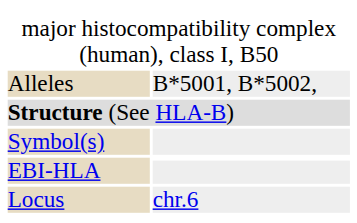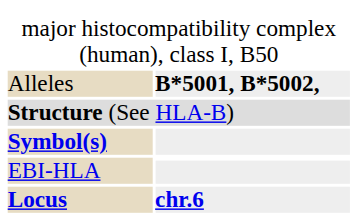 <table id="drugInfoBox" style="float: right; clear: right; margin: 0 0 0.5em 1em; background: #ffffff;" class="toccolours" border=0 cellpadding=0 align=right width="240px">
 <tr>
 <td align="center" colspan="3"></td>
 </tr>
 <tr style="text-align: center; line-height: 1.00;background:#eeeeee">
 <td colspan="3" color="white"></td>
 </tr>
 <tr>
 <td align="center" colspan="2"></td>
 </tr>
 <tr>
 <td align="center" colspan="2"><div>major histocompatibility complex (human), class I, B50</div></td>
 </tr>
 <tr>
 <td bgcolor="#e7dcc3">Alleles</td>
-<td bgcolor="#eeeeee">B*5001, B*5002, <br></td>
+<td bgcolor="#eeeeee"><strong>B*5001, B*5002, <br></strong></td>
 </tr>
 <tr>
 <td colspan="2" bgcolor="#dddddd"><strong>Structure</strong> (See <a href='#'>HLA-B</a>)</td>
 </tr>
 <tr>
-<td bgcolor="#e7dcc3"><a href='#'>Symbol(s)</a></td>
+<td bgcolor="#e7dcc3"><strong><a href='#'>Symbol(s)</a></strong></td>
 <td bgcolor="#eeeeee"></td>
 </tr>
 <tr>
 <td bgcolor="#e7dcc3" Rowspan = 2><a href='#'>EBI-HLA</a></td>
 <td bgcolor="#eeeeee"></td>
 </tr>
 <tr>
 <td bgcolor="#eeeeee"></td>
 </tr>
 <tr>
-<td bgcolor="#e7dcc3"><a href='#'>Locus</a></td>
-<td bgcolor="#eeeeee"><a href='#'>chr.6</a> <em></em></td>
+<td bgcolor="#e7dcc3"><strong><a href='#'>Locus</a></strong></td>
+<td bgcolor="#eeeeee"><strong><a href='#'>chr.6</a> <em></em></strong></td>
 </tr>
 <tr>
 </tr>
 </table>
